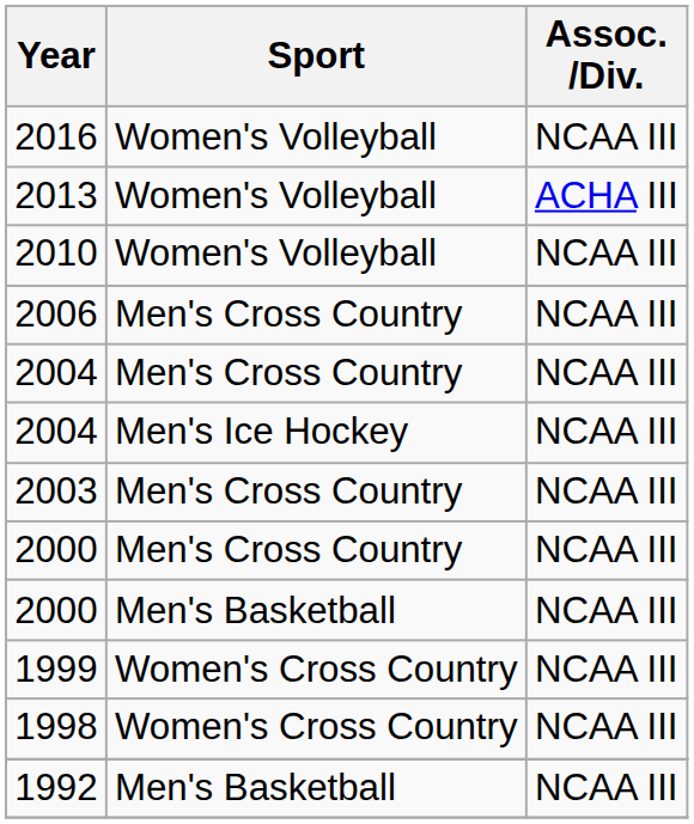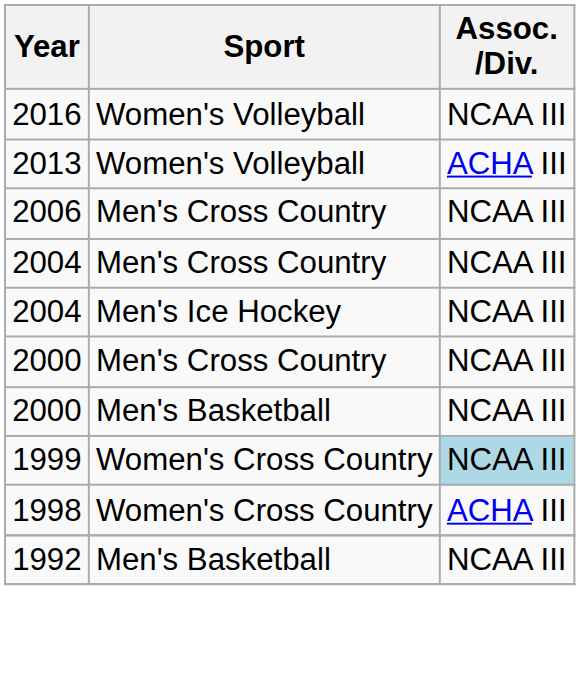 <table class="wikitable sortable" width= %>
 <tr>
 <th>Year</th>
 <th>Sport</th>
 <th>Assoc.<br>/Div.</th>
 </tr>
 <tr>
 <td>2016</td>
 <td>Women's Volleyball</td>
 <td>NCAA III</td>
 </tr>
 <tr>
 <td>2013</td>
 <td>Women's Volleyball</td>
 <td><a href='#'>ACHA</a> III</td>
 </tr>
 <tr>
-<td>2010</td>
-<td>Women's Volleyball</td>
-<td>NCAA III</td>
-</tr>
-<tr>
 <td>2006</td>
 <td>Men's Cross Country</td>
 <td>NCAA III</td>
 </tr>
 <tr>
 <td>2004</td>
 <td>Men's Cross Country</td>
 <td>NCAA III</td>
 </tr>
 <tr>
 <td>2004</td>
 <td>Men's Ice Hockey</td>
 <td>NCAA III</td>
 </tr>
 <tr>
-<td>2003</td>
-<td>Men's Cross Country</td>
-<td>NCAA III</td>
-</tr>
-<tr>
 <td>2000</td>
 <td>Men's Cross Country</td>
 <td>NCAA III</td>
 </tr>
 <tr>
 <td>2000</td>
 <td>Men's Basketball</td>
 <td>NCAA III</td>
 </tr>
 <tr>
 <td>1999</td>
 <td>Women's Cross Country</td>
-<td>NCAA III</td>
+<td style="background: lightblue;">NCAA III</td>
 </tr>
 <tr>
 <td>1998</td>
 <td>Women's Cross Country</td>
-<td>NCAA III</td>
+<td><a href='#'>ACHA</a> III</td>
 </tr>
 <tr>
 </tr>
 <tr>
 <td>1992</td>
 <td>Men's Basketball</td>
 <td>NCAA III</td>
 </tr>
 <tr>
 </tr>
 </table>
